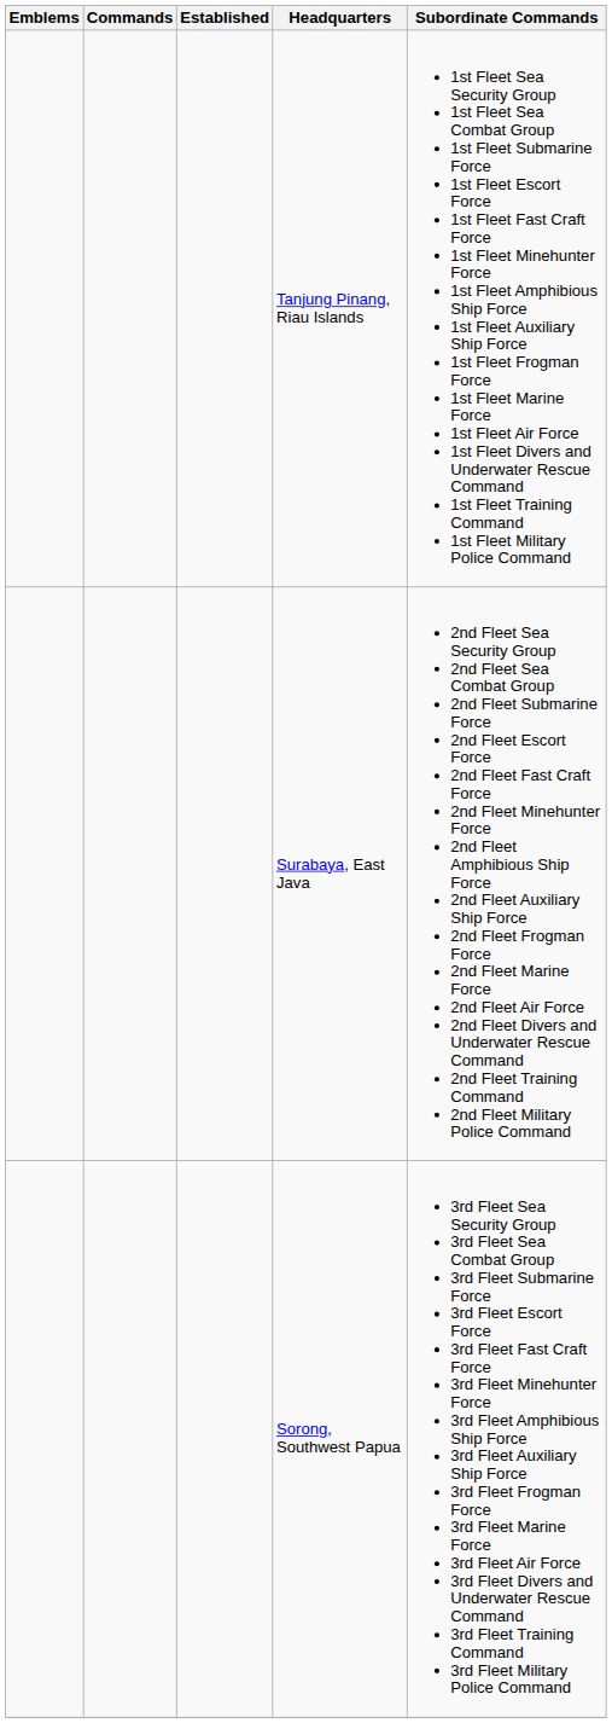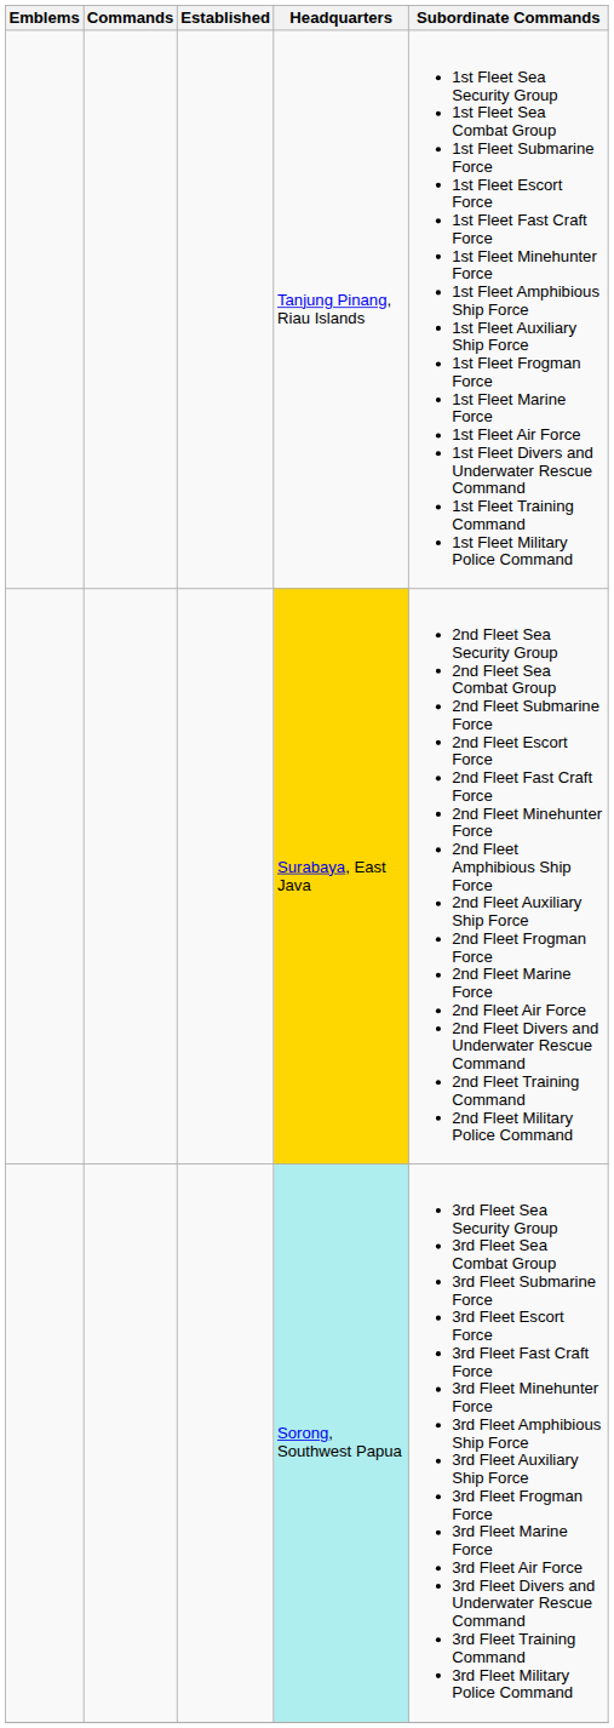 <table class="wikitable">
 <tr>
 <th>Emblems</th>
 <th>Commands</th>
 <th>Established</th>
 <th>Headquarters</th>
 <th>Subordinate Commands</th>
 </tr>
 <tr>
 <td></td>
 <td></td>
 <td></td>
 <td><a href='#'>Tanjung Pinang</a>, Riau Islands</td>
 <td><br><ul><li>1st Fleet Sea Security Group</li><li>1st Fleet Sea Combat Group</li><li>1st Fleet Submarine Force</li><li>1st Fleet Escort Force</li><li>1st Fleet Fast Craft Force</li><li>1st Fleet Minehunter Force</li><li>1st Fleet Amphibious Ship Force</li><li>1st Fleet Auxiliary Ship Force</li><li>1st Fleet Frogman Force</li><li>1st Fleet Marine Force</li><li>1st Fleet Air Force</li><li>1st Fleet Divers and Underwater Rescue Command</li><li>1st Fleet Training Command</li><li>1st Fleet Military Police Command</li></ul></td>
 </tr>
 <tr>
 <td></td>
 <td></td>
 <td></td>
-<td><a href='#'>Surabaya</a>, East Java</td>
+<td style="background: gold;"><a href='#'>Surabaya</a>, East Java</td>
 <td><br><ul><li>2nd Fleet Sea Security Group</li><li>2nd Fleet Sea Combat Group</li><li>2nd Fleet Submarine Force</li><li>2nd Fleet Escort Force</li><li>2nd Fleet Fast Craft Force</li><li>2nd Fleet Minehunter Force</li><li>2nd Fleet Amphibious Ship Force</li><li>2nd Fleet Auxiliary Ship Force</li><li>2nd Fleet Frogman Force</li><li>2nd Fleet Marine Force</li><li>2nd Fleet Air Force</li><li>2nd Fleet Divers and Underwater Rescue Command</li><li>2nd Fleet Training Command</li><li>2nd Fleet Military Police Command</li></ul></td>
 </tr>
 <tr>
 <td></td>
 <td></td>
 <td></td>
-<td><a href='#'>Sorong</a>, Southwest Papua</td>
+<td style="background: paleturquoise;"><a href='#'>Sorong</a>, Southwest Papua</td>
 <td><br><ul><li>3rd Fleet Sea Security Group</li><li>3rd Fleet Sea Combat Group</li><li>3rd Fleet Submarine Force</li><li>3rd Fleet Escort Force</li><li>3rd Fleet Fast Craft Force</li><li>3rd Fleet Minehunter Force</li><li>3rd Fleet Amphibious Ship Force</li><li>3rd Fleet Auxiliary Ship Force</li><li>3rd Fleet Frogman Force</li><li>3rd Fleet Marine Force</li><li>3rd Fleet Air Force</li><li>3rd Fleet Divers and Underwater Rescue Command</li><li>3rd Fleet Training Command</li><li>3rd Fleet Military Police Command</li></ul></td>
 </tr>
 <tr>
 </tr>
 </table>
